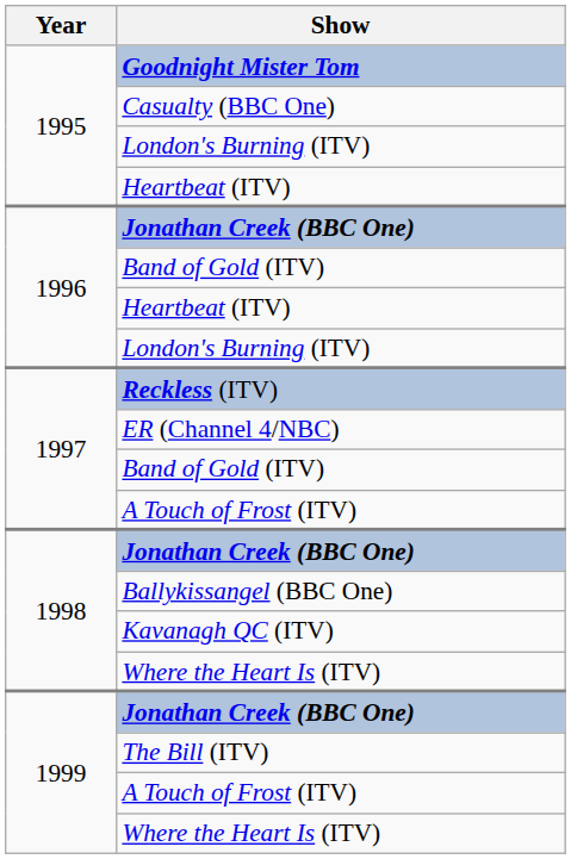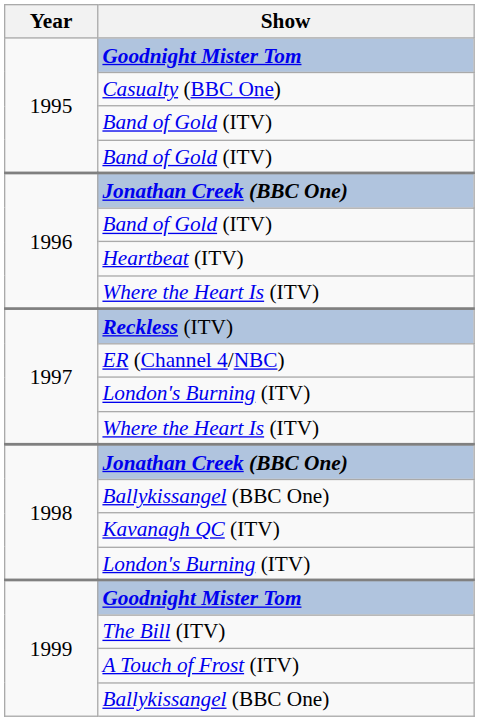 <table class="wikitable" width="40%" cellpadding="3">
 <tr>
 <th width="100"><strong>Year</strong></th>
 <th width="500"><strong>Show</strong></th>
 </tr>
 <tr>
 <td rowspan="4" style="text-align:center;">1995</td>
 <td style="background:#B0C4DE;"><strong><em><a href='#'>Goodnight Mister Tom</a></em></strong></td>
 </tr>
 <tr>
 <td><em><a href='#'>Casualty</a></em> (<a href='#'>BBC One</a>)</td>
 </tr>
 <tr>
-<td><em><a href='#'>London's Burning</a></em> (ITV)</td>
+<td><em><a href='#'>Band of Gold</a></em> (ITV)</td>
 </tr>
 <tr>
-<td><em><a href='#'>Heartbeat</a></em> (ITV)</td>
+<td><em><a href='#'>Band of Gold</a></em> (ITV)</td>
 </tr>
 <tr>
 </tr>
 <tr style="border-top:2px solid gray;">
 <td rowspan="4" style="text-align:center;">1996</td>
 <td style="background:#B0C4DE;"><strong><em><a href='#'>Jonathan Creek</a> (BBC One)</em></strong></td>
 </tr>
 <tr>
 <td><em><a href='#'>Band of Gold</a></em> (ITV)</td>
 </tr>
 <tr>
 <td><em><a href='#'>Heartbeat</a></em> (ITV)</td>
 </tr>
 <tr>
-<td><em><a href='#'>London's Burning</a></em> (ITV)</td>
+<td><em><a href='#'>Where the Heart Is</a></em> (ITV)</td>
 </tr>
 <tr>
 </tr>
 <tr style="border-top:2px solid gray;">
 <td rowspan="4" style="text-align:center;">1997</td>
 <td style="background:#B0C4DE;"><strong><em><a href='#'>Reckless</a></em></strong> (ITV)</td>
 </tr>
 <tr>
 <td><em><a href='#'>ER</a></em> (<a href='#'>Channel 4</a>/<a href='#'>NBC</a>)</td>
 </tr>
 <tr>
-<td><em><a href='#'>Band of Gold</a></em> (ITV)</td>
+<td><em><a href='#'>London's Burning</a></em> (ITV)</td>
 </tr>
 <tr>
-<td><em><a href='#'>A Touch of Frost</a></em> (ITV)</td>
+<td><em><a href='#'>Where the Heart Is</a></em> (ITV)</td>
 </tr>
 <tr>
 </tr>
 <tr style="border-top:2px solid gray;">
 <td rowspan="4" style="text-align:center;">1998</td>
 <td style="background:#B0C4DE;"><strong><em><a href='#'>Jonathan Creek</a> (BBC One)</em></strong></td>
 </tr>
 <tr>
 <td><em><a href='#'>Ballykissangel</a></em> (BBC One)</td>
 </tr>
 <tr>
 <td><em><a href='#'>Kavanagh QC</a></em> (ITV)</td>
 </tr>
 <tr>
-<td><em><a href='#'>Where the Heart Is</a></em> (ITV)</td>
+<td><em><a href='#'>London's Burning</a></em> (ITV)</td>
 </tr>
 <tr>
 </tr>
 <tr style="border-top:2px solid gray;">
 <td rowspan="4" style="text-align:center;">1999</td>
-<td style="background:#B0C4DE;"><strong><em><a href='#'>Jonathan Creek</a> (BBC One)</em></strong></td>
+<td style="background:#B0C4DE;"><strong><em><a href='#'>Goodnight Mister Tom</a></em></strong></td>
 </tr>
 <tr>
 <td><em><a href='#'>The Bill</a></em> (ITV)</td>
 </tr>
 <tr>
 <td><em><a href='#'>A Touch of Frost</a></em> (ITV)</td>
 </tr>
 <tr>
-<td><em><a href='#'>Where the Heart Is</a></em> (ITV)</td>
+<td><em><a href='#'>Ballykissangel</a></em> (BBC One)</td>
 </tr>
 </table>
